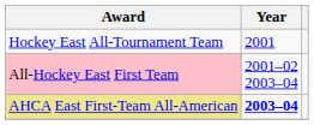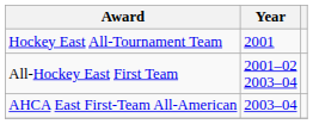 <table class="wikitable">
 <tr>
 <th>Award</th>
 <th>Year</th>
 <th></th>
 </tr>
 <tr>
 <td><a href='#'>Hockey East</a> <a href='#'>All-Tournament Team</a></td>
 <td><a href='#'>2001</a></td>
 <td></td>
 </tr>
 <tr>
-<td style="background: pink;">All-<a href='#'>Hockey East</a> <a href='#'>First Team</a></td>
+<td>All-<a href='#'>Hockey East</a> <a href='#'>First Team</a></td>
 <td><a href='#'>2001–02</a><br><a href='#'>2003–04</a></td>
 <td></td>
 </tr>
 <tr>
-<td style="background: khaki;"><a href='#'>AHCA</a> <a href='#'>East First-Team All-American</a></td>
-<td><strong><a href='#'>2003–04</a></strong></td>
+<td><a href='#'>AHCA</a> <a href='#'>East First-Team All-American</a></td>
+<td><a href='#'>2003–04</a></td>
 <td></td>
 </tr>
 <tr>
 </tr>
 </table>
